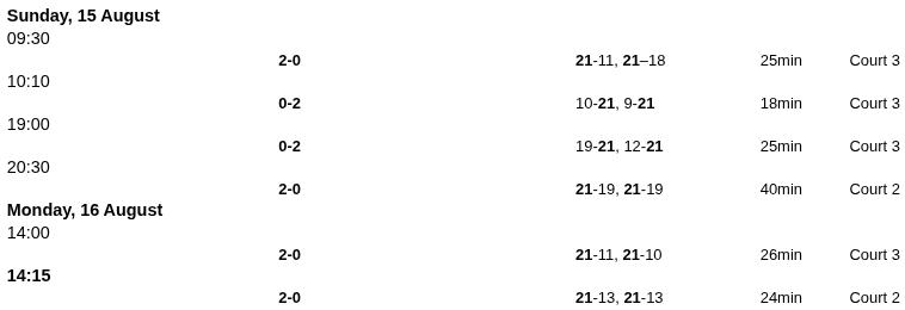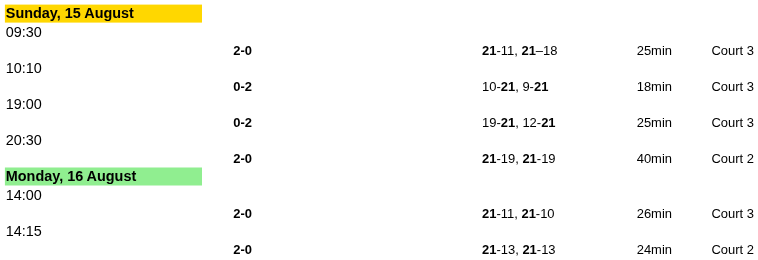 <table style="width:100%;" cellspacing="1">
 <tr>
 <th width=25%></th>
 <th width=10%></th>
 <th width=25%></th>
 </tr>
 <tr>
-<td><strong>Sunday, 15 August</strong></td>
+<td style="background: gold;"><strong>Sunday, 15 August</strong></td>
 </tr>
 <tr>
 <td>09:30</td>
 </tr>
 <tr style=font-size:90%>
 <td align=right><strong></strong></td>
 <td align=center><strong> 2-0 </strong></td>
 <td></td>
 <td><strong>21</strong>-11, <strong>21</strong>–18</td>
 <td>25min</td>
 <td>Court 3</td>
 </tr>
 <tr>
 <td>10:10</td>
 </tr>
 <tr style=font-size:90%>
 <td align=right></td>
 <td align=center><strong> 0-2 </strong></td>
 <td><strong></strong></td>
 <td>10-<strong>21</strong>, 9-<strong>21</strong></td>
 <td>18min</td>
 <td>Court 3</td>
 </tr>
 <tr>
 <td>19:00</td>
 </tr>
 <tr style=font-size:90%>
 <td align=right></td>
 <td align=center><strong> 0-2 </strong></td>
 <td><strong></strong></td>
 <td>19-<strong>21</strong>, 12-<strong>21</strong></td>
 <td>25min</td>
 <td>Court 3</td>
 </tr>
 <tr>
 <td>20:30</td>
 </tr>
 <tr style=font-size:90%>
 <td align=right><strong></strong></td>
 <td align=center><strong> 2-0 </strong></td>
 <td></td>
 <td><strong>21</strong>-19, <strong>21</strong>-19</td>
 <td>40min</td>
 <td>Court 2</td>
 </tr>
 <tr>
-<td><strong>Monday, 16 August</strong></td>
+<td style="background: lightgreen;"><strong>Monday, 16 August</strong></td>
 </tr>
 <tr>
 <td>14:00</td>
 </tr>
 <tr style=font-size:90%>
 <td align=right><strong></strong></td>
 <td align=center><strong> 2-0 </strong></td>
 <td></td>
 <td><strong>21</strong>-11, <strong>21</strong>-10</td>
 <td>26min</td>
 <td>Court 3</td>
 </tr>
 <tr>
-<td><strong>14:15</strong></td>
+<td>14:15</td>
 </tr>
 <tr style=font-size:90%>
 <td align=right><strong></strong></td>
 <td align=center><strong> 2-0 </strong></td>
 <td></td>
 <td><strong>21</strong>-13, <strong>21</strong>-13</td>
 <td>24min</td>
 <td>Court 2</td>
 </tr>
 </table>
